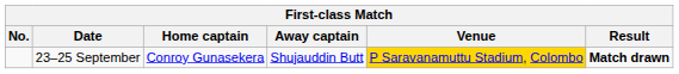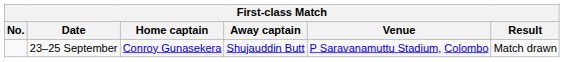 <table class="wikitable">
 <tr>
 <th colspan="9">First-class Match</th>
 </tr>
 <tr>
 <th>No.</th>
 <th>Date</th>
 <th>Home captain</th>
 <th>Away captain</th>
 <th>Venue</th>
 <th>Result</th>
 </tr>
 <tr>
 <td></td>
 <td>23–25 September</td>
 <td><a href='#'>Conroy Gunasekera</a></td>
 <td><a href='#'>Shujauddin Butt</a></td>
-<td style="background: gold;"><a href='#'>P Saravanamuttu Stadium</a>, <a href='#'>Colombo</a></td>
-<td><strong>Match drawn</strong></td>
+<td><a href='#'>P Saravanamuttu Stadium</a>, <a href='#'>Colombo</a></td>
+<td>Match drawn</td>
 </tr>
 </table>
